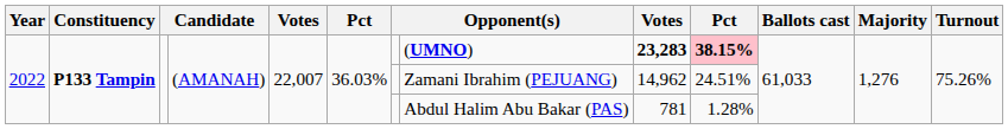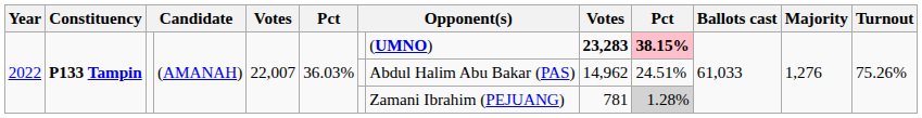 <table class="wikitable" style="margin:0.5em ; font-size:95%">
 <tr>
 <th>Year</th>
 <th>Constituency</th>
 <th colspan=2>Candidate</th>
 <th>Votes</th>
 <th>Pct</th>
 <th colspan=2>Opponent(s)</th>
 <th>Votes</th>
 <th>Pct</th>
 <th>Ballots cast</th>
 <th>Majority</th>
 <th>Turnout</th>
 </tr>
 <tr>
 <td rowspan="3"><a href='#'>2022</a></td>
 <td rowspan="3"><strong>P133 <a href='#'>Tampin</a></strong></td>
 <td rowspan="3" ></td>
 <td rowspan="3"> (<a href='#'>AMANAH</a>)</td>
 <td rowspan="3" align=right>22,007</td>
 <td rowspan="3">36.03%</td>
 <td></td>
 <td> (<a href='#'><strong>UMNO</strong></a>)</td>
 <td align="right"><strong>23,283</strong></td>
 <td style="background: pink;"><strong>38.15%</strong></td>
 <td rowspan=3>61,033</td>
 <td rowspan=3>1,276</td>
 <td rowspan=3>75.26%</td>
 </tr>
 <tr>
 <td bgcolor=></td>
-<td>Zamani Ibrahim (<a href='#'>PEJUANG</a>)</td>
+<td>Abdul Halim Abu Bakar (<a href='#'>PAS</a>)</td>
 <td align="right">14,962</td>
 <td>24.51%</td>
 </tr>
 <tr>
 <td bgcolor=></td>
-<td>Abdul Halim Abu Bakar (<a href='#'>PAS</a>)</td>
+<td>Zamani Ibrahim (<a href='#'>PEJUANG</a>)</td>
 <td align="right">781</td>
-<td align="right">1.28%</td>
+<td align="right" style="background: lightgrey;">1.28%</td>
 </tr>
 </table>
